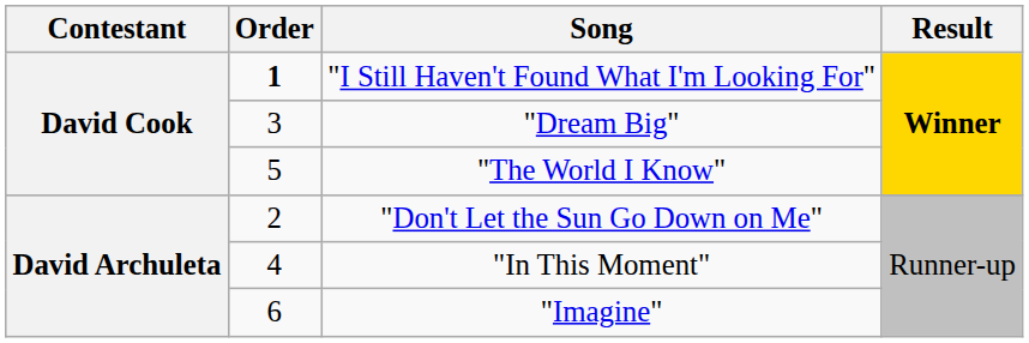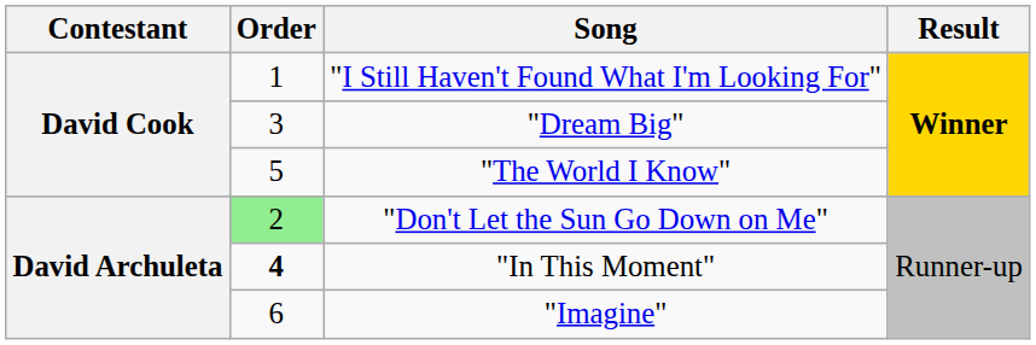 <table class="wikitable unsortable" style="text-align:center;">
 <tr>
 <th scope="col">Contestant</th>
 <th scope="col">Order</th>
 <th scope="col">Song</th>
 <th scope="col">Result</th>
 </tr>
 <tr>
 <th scope="row" rowspan="3">David Cook</th>
-<td><strong>1</strong></td>
+<td>1</td>
 <td>"<a href='#'>I Still Haven't Found What I'm Looking For</a>"</td>
 <td rowspan="3" bgcolor="gold"><strong>Winner</strong></td>
 </tr>
 <tr>
 <td>3</td>
 <td>"<a href='#'>Dream Big</a>"</td>
 </tr>
 <tr>
 <td>5</td>
 <td>"<a href='#'>The World I Know</a>"</td>
 </tr>
 <tr>
 <th scope="row" rowspan="3">David Archuleta</th>
-<td>2</td>
+<td style="background: lightgreen;">2</td>
 <td>"<a href='#'>Don't Let the Sun Go Down on Me</a>"</td>
 <td rowspan="3" bgcolor="silver">Runner-up</td>
 </tr>
 <tr>
-<td>4</td>
+<td><strong>4</strong></td>
 <td>"In This Moment"</td>
 </tr>
 <tr>
 <td>6</td>
 <td>"<a href='#'>Imagine</a>"</td>
 </tr>
 </table>
